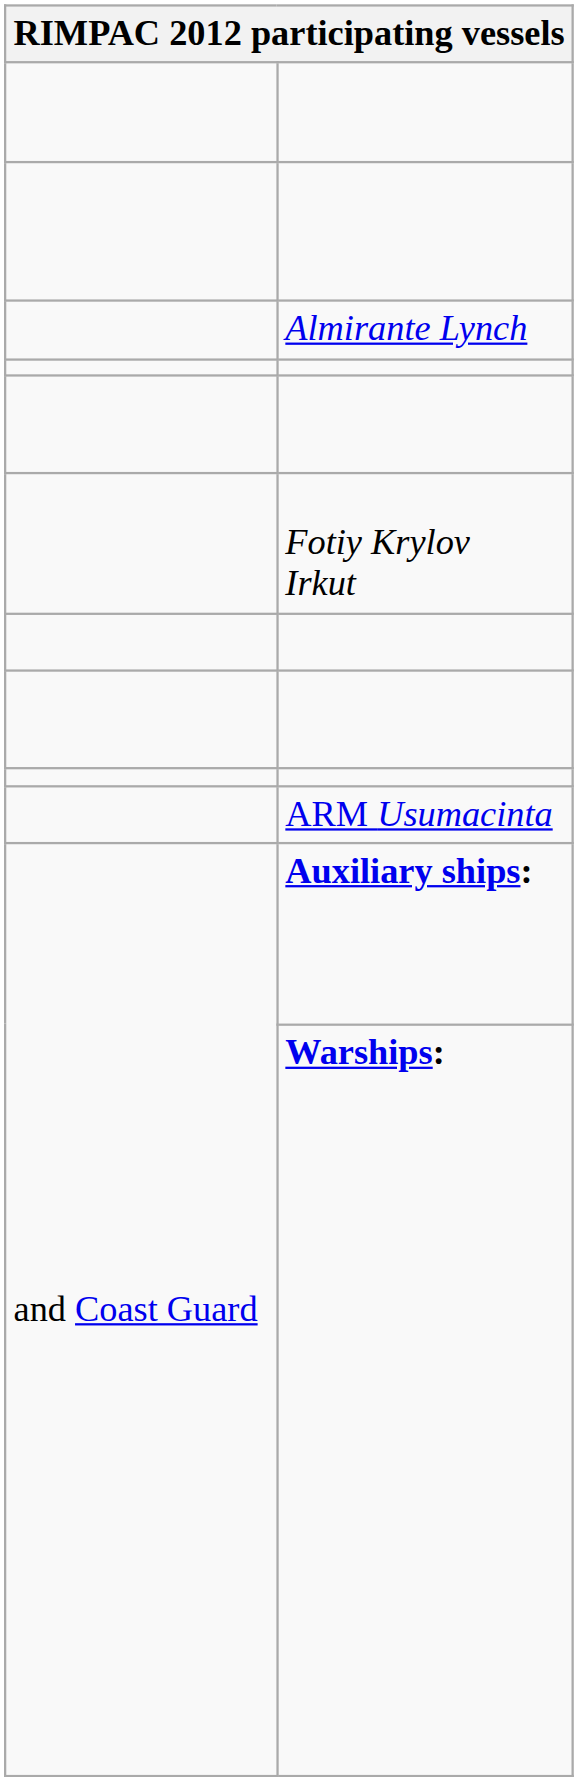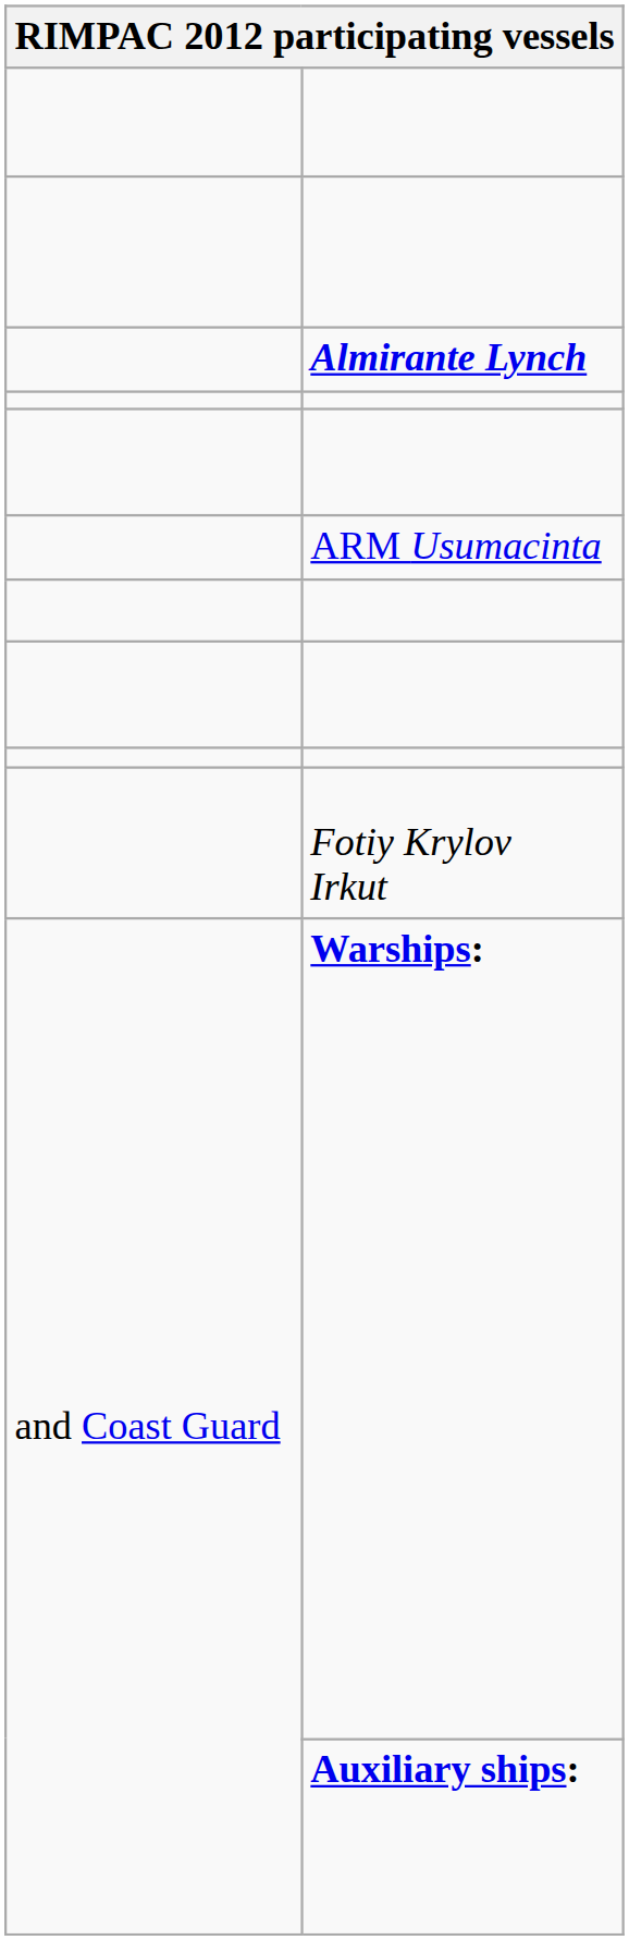 <table class="wikitable collapsible collapsed" align="left">
 <tr>
 <th colspan="2">RIMPAC 2012 participating vessels</th>
 </tr>
 <tr>
 <td></td>
 <td><br><br></td>
 </tr>
 <tr>
 <td></td>
 <td><br><br><br></td>
 </tr>
 <tr>
 <td></td>
-<td><a href='#'><em>Almirante Lynch</em></a></td>
+<td><strong><a href='#'><em>Almirante Lynch</em></a></strong></td>
 </tr>
 <tr>
 <td></td>
 <td></td>
 </tr>
 <tr>
 <td></td>
 <td><br><br></td>
 </tr>
 <tr>
 <td></td>
-<td><br><em>Fotiy Krylov</em><br><em>Irkut</em></td>
+<td><a href='#'>ARM <em>Usumacinta</em></a></td>
 </tr>
 <tr>
 <td></td>
 <td><br></td>
 </tr>
 <tr>
 <td></td>
 <td><br><br></td>
 </tr>
 <tr>
 <td></td>
 <td></td>
 </tr>
 <tr>
 <td></td>
-<td><a href='#'>ARM <em>Usumacinta</em></a></td>
+<td><br><em>Fotiy Krylov</em><br><em>Irkut</em></td>
 </tr>
 <tr>
 <td rowspan="2"> and <a href='#'>Coast Guard</a></td>
+<td><strong><a href='#'>Warships</a>:</strong><br><br><br><br><br><br><br><br><br><br><br><br><br><br><br><br><br><br></td>
+</tr>
+<tr>
 <td><strong><a href='#'>Auxiliary ships</a>:</strong> <br><br><br><br></td>
 </tr>
-<tr>
-<td><strong><a href='#'>Warships</a>:</strong><br><br><br><br><br><br><br><br><br><br><br><br><br><br><br><br><br><br></td>
-</tr>
 </table>
